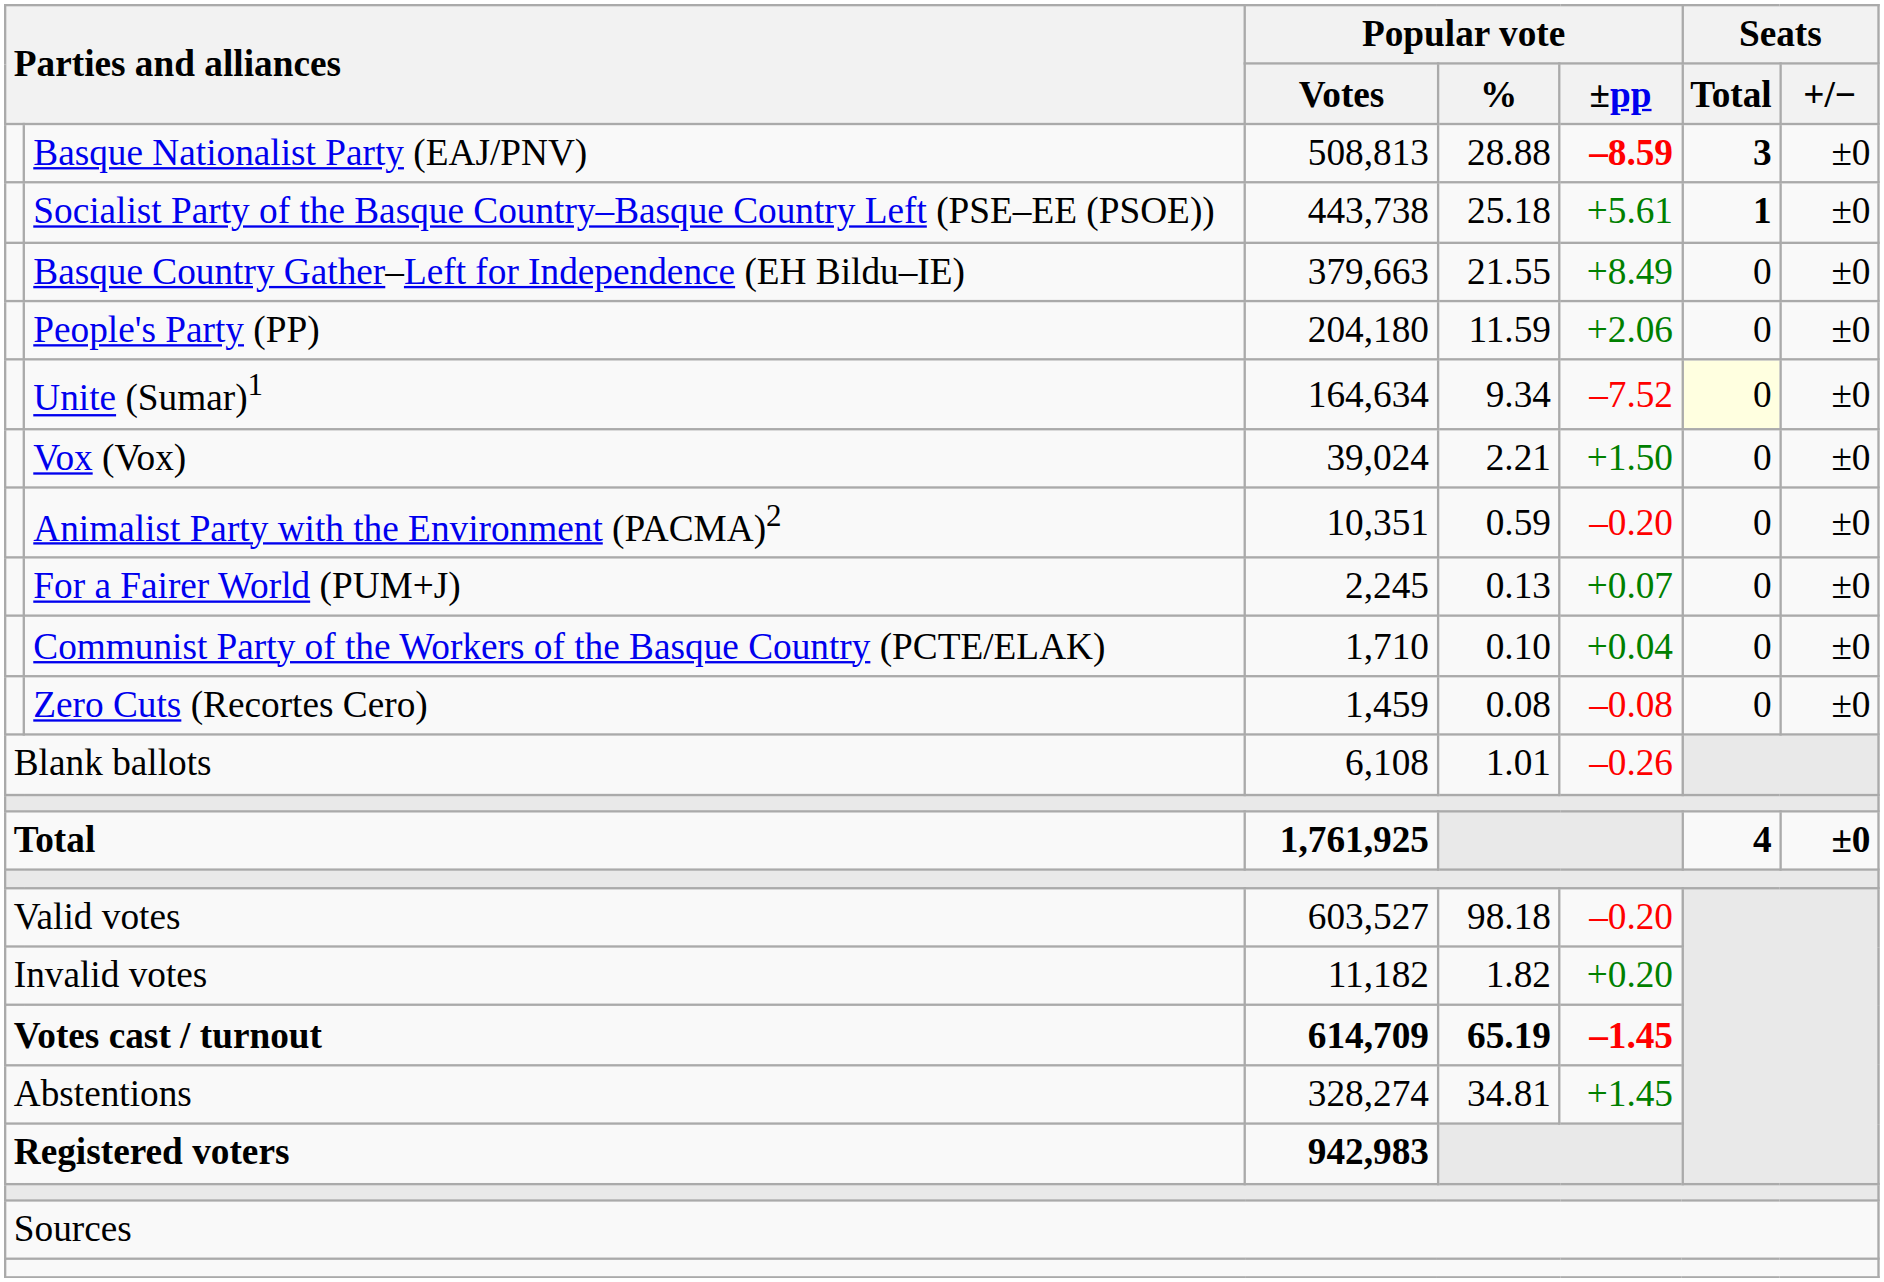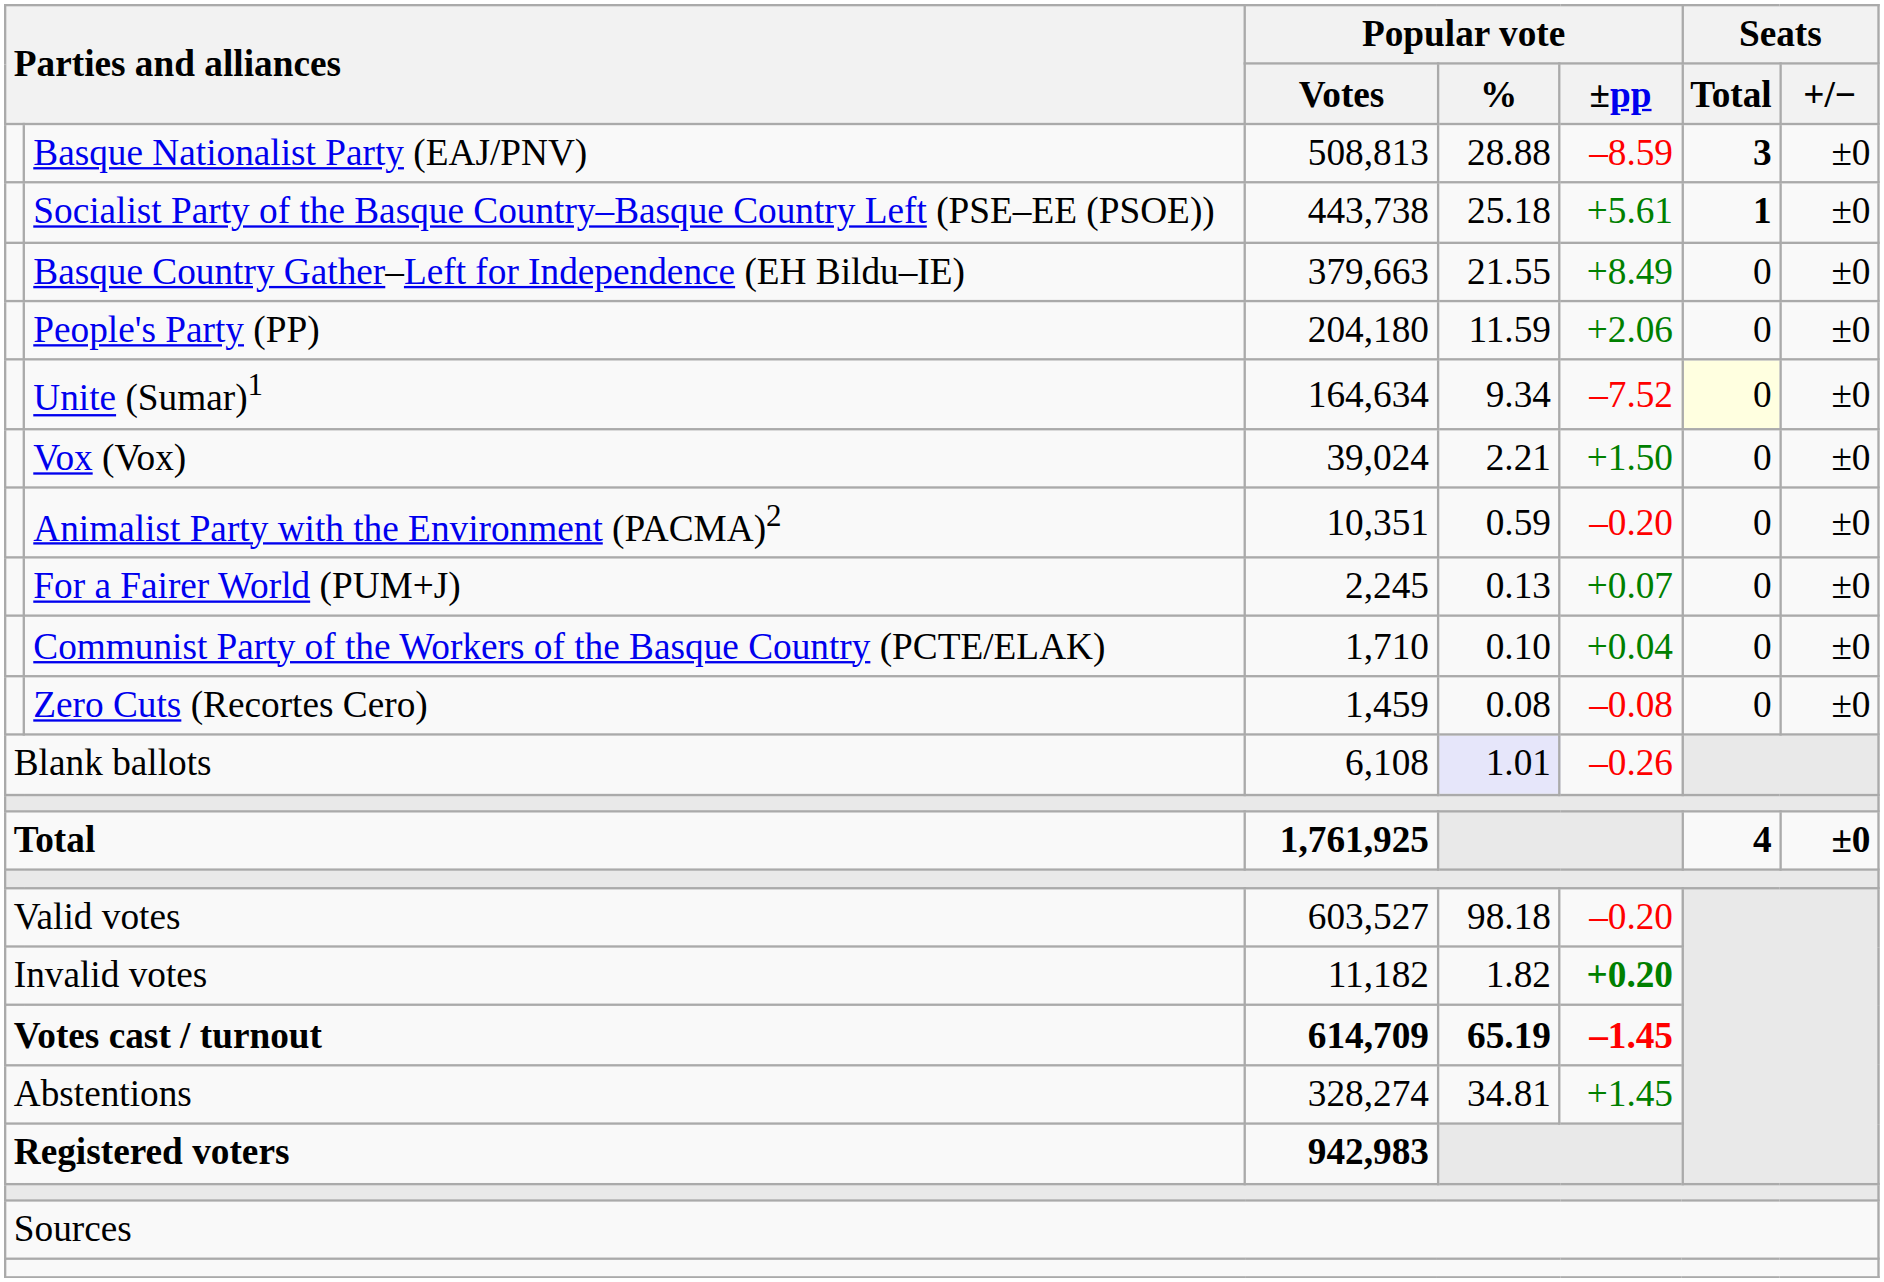 <table class="wikitable" style="text-align:right;">
 <tr>
 <th style="text-align:left;" rowspan="2" colspan="2" width="525">Parties and alliances</th>
 <th colspan="3">Popular vote</th>
 <th colspan="2">Seats</th>
 </tr>
 <tr>
 <th width="75">Votes</th>
 <th width="45">%</th>
 <th width="45">±<a href='#'>pp</a></th>
 <th width="35">Total</th>
 <th width="35">+/−</th>
 </tr>
 <tr>
 <td width="1" style="color:inherit;background:"></td>
 <td align="left"><a href='#'>Basque Nationalist Party</a> (EAJ/PNV)</td>
 <td>508,813</td>
 <td>28.88</td>
-<td style="color:red;"><strong>–8.59</strong></td>
+<td style="color:red;">–8.59</td>
 <td><strong>3</strong></td>
 <td>±0</td>
 </tr>
 <tr>
 <td style="color:inherit;background:"></td>
 <td align="left"><a href='#'>Socialist Party of the Basque Country–Basque Country Left</a> (PSE–EE (PSOE))</td>
 <td>443,738</td>
 <td>25.18</td>
 <td style="color:green;">+5.61</td>
 <td><strong>1</strong></td>
 <td>±0</td>
 </tr>
 <tr>
 <td style="color:inherit;background:"></td>
 <td align="left"><a href='#'>Basque Country Gather</a>–<a href='#'>Left for Independence</a> (EH Bildu–IE)</td>
 <td>379,663</td>
 <td>21.55</td>
 <td style="color:green;">+8.49</td>
 <td>0</td>
 <td>±0</td>
 </tr>
 <tr>
 <td style="color:inherit;background:"></td>
 <td align="left"><a href='#'>People's Party</a> (PP)</td>
 <td>204,180</td>
 <td>11.59</td>
 <td style="color:green;">+2.06</td>
 <td>0</td>
 <td>±0</td>
 </tr>
 <tr>
 <td style="color:inherit;background:"></td>
 <td align="left"><a href='#'>Unite</a> (Sumar)<sup>1</sup></td>
 <td>164,634</td>
 <td>9.34</td>
 <td style="color:red;">–7.52</td>
 <td style="background: lightyellow;">0</td>
 <td>±0</td>
 </tr>
 <tr>
 <td style="color:inherit;background:"></td>
 <td align="left"><a href='#'>Vox</a> (Vox)</td>
 <td>39,024</td>
 <td>2.21</td>
 <td style="color:green;">+1.50</td>
 <td>0</td>
 <td>±0</td>
 </tr>
 <tr>
 <td style="color:inherit;background:"></td>
 <td align="left"><a href='#'>Animalist Party with the Environment</a> (PACMA)<sup>2</sup></td>
 <td>10,351</td>
 <td>0.59</td>
 <td style="color:red;">–0.20</td>
 <td>0</td>
 <td>±0</td>
 </tr>
 <tr>
 <td style="color:inherit;background:"></td>
 <td align="left"><a href='#'>For a Fairer World</a> (PUM+J)</td>
 <td>2,245</td>
 <td>0.13</td>
 <td style="color:green;">+0.07</td>
 <td>0</td>
 <td>±0</td>
 </tr>
 <tr>
 <td style="color:inherit;background:"></td>
 <td align="left"><a href='#'>Communist Party of the Workers of the Basque Country</a> (PCTE/ELAK)</td>
 <td>1,710</td>
 <td>0.10</td>
 <td style="color:green;">+0.04</td>
 <td>0</td>
 <td>±0</td>
 </tr>
 <tr>
 <td style="color:inherit;background:"></td>
 <td align="left"><a href='#'>Zero Cuts</a> (Recortes Cero)</td>
 <td>1,459</td>
 <td>0.08</td>
 <td style="color:red;">–0.08</td>
 <td>0</td>
 <td>±0</td>
 </tr>
 <tr>
 <td align="left" colspan="2">Blank ballots</td>
 <td>6,108</td>
-<td>1.01</td>
+<td style="background: lavender;">1.01</td>
 <td style="color:red;">–0.26</td>
 <td bgcolor="#E9E9E9" colspan="2"></td>
 </tr>
 <tr>
 <td colspan="7" bgcolor="#E9E9E9"></td>
 </tr>
 <tr style="font-weight:bold;">
 <td align="left" colspan="2">Total</td>
 <td>1,761,925</td>
 <td bgcolor="#E9E9E9" colspan="2"></td>
 <td>4</td>
 <td>±0</td>
 </tr>
 <tr>
 <td colspan="7" bgcolor="#E9E9E9"></td>
 </tr>
 <tr>
 <td align="left" colspan="2">Valid votes</td>
 <td>603,527</td>
 <td>98.18</td>
 <td style="color:red;">–0.20</td>
 <td bgcolor="#E9E9E9" colspan="2" rowspan="5"></td>
 </tr>
 <tr>
 <td align="left" colspan="2">Invalid votes</td>
 <td>11,182</td>
 <td>1.82</td>
-<td style="color:green;">+0.20</td>
+<td style="color:green;"><strong>+0.20</strong></td>
 </tr>
 <tr style="font-weight:bold;">
 <td align="left" colspan="2">Votes cast / turnout</td>
 <td>614,709</td>
 <td>65.19</td>
 <td style="color:red;">–1.45</td>
 </tr>
 <tr>
 <td align="left" colspan="2">Abstentions</td>
 <td>328,274</td>
 <td>34.81</td>
 <td style="color:green;">+1.45</td>
 </tr>
 <tr style="font-weight:bold;">
 <td align="left" colspan="2">Registered voters</td>
 <td>942,983</td>
 <td bgcolor="#E9E9E9" colspan="2"></td>
 </tr>
 <tr>
 <td colspan="7" bgcolor="#E9E9E9"></td>
 </tr>
 <tr>
 <td align="left" colspan="7">Sources</td>
 </tr>
 <tr>
 <td colspan="7" style="text-align:left; max-width:790px;"></td>
 </tr>
 </table>
